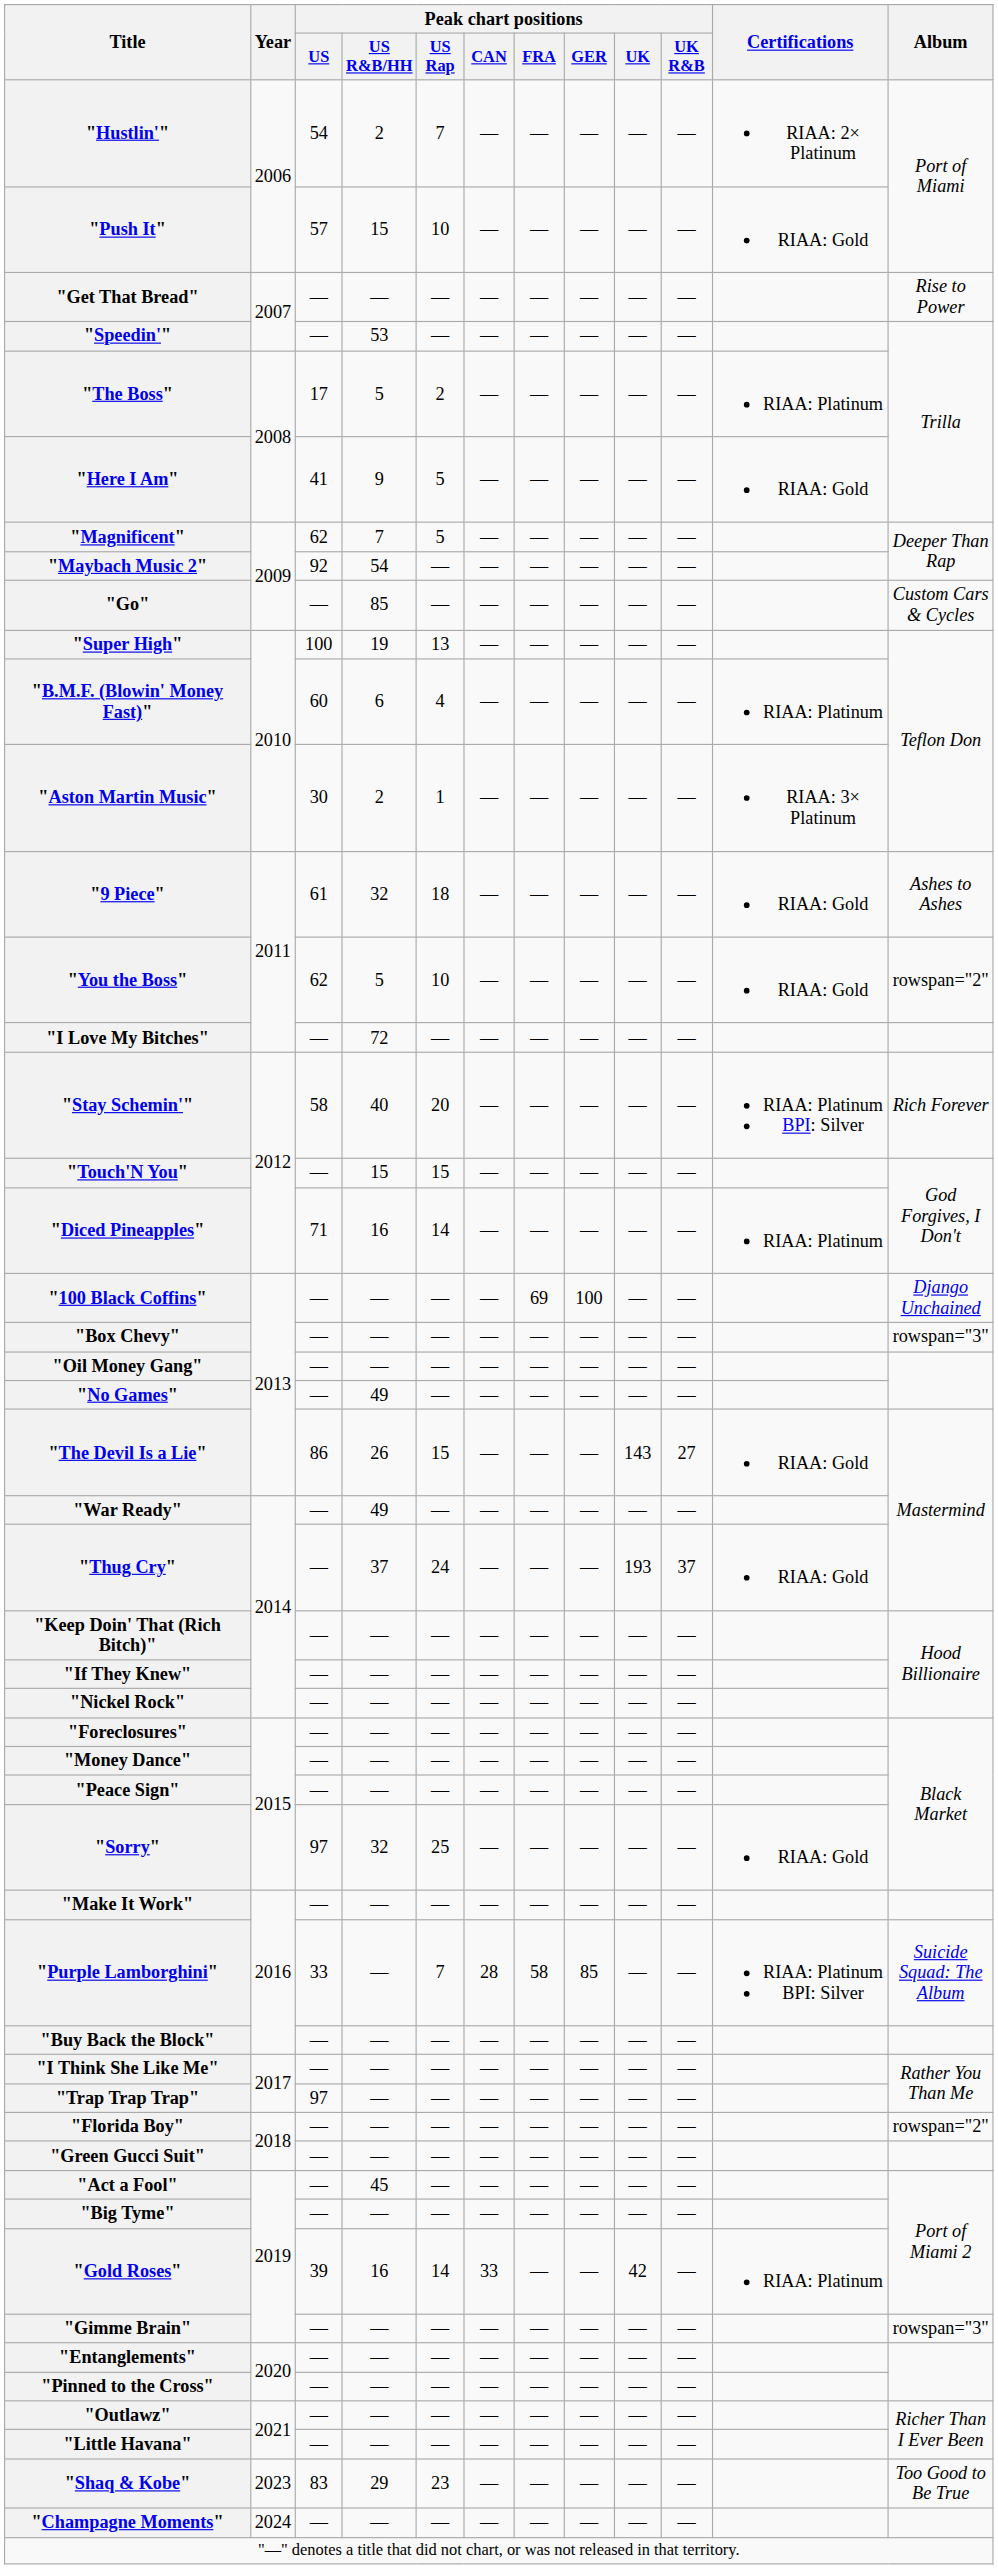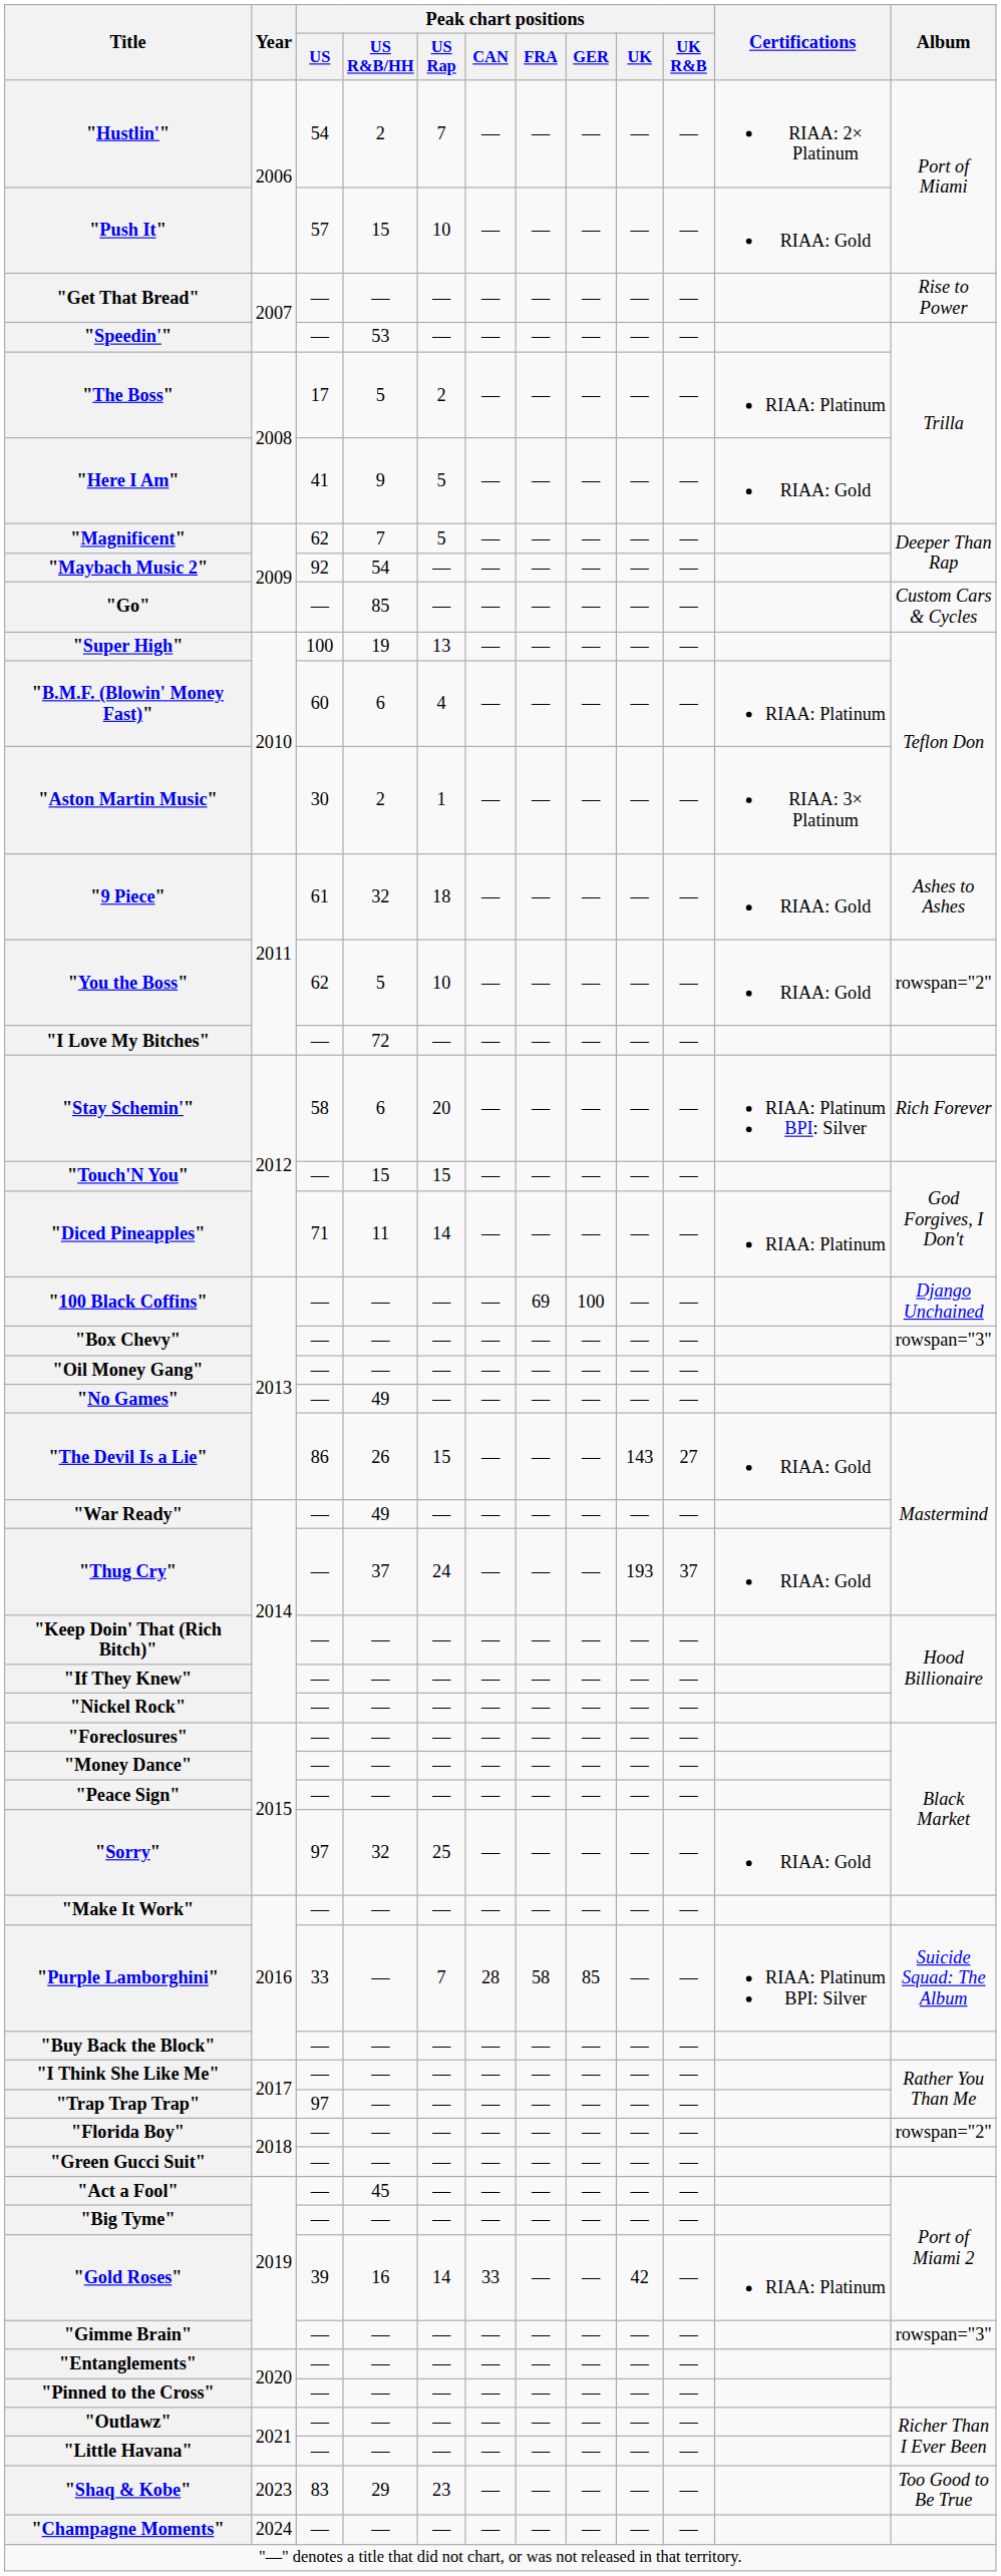 <table class="wikitable plainrowheaders" style="text-align:center;">
 <tr>
 <th scope="col" rowspan="2" style="width:18em;">Title</th>
 <th scope="col" rowspan="2">Year</th>
 <th scope="col" colspan="8">Peak chart positions</th>
 <th scope="col" rowspan="2" style="width:12em;"><a href='#'>Certifications</a></th>
 <th scope="col" rowspan="2">Album</th>
 </tr>
 <tr>
 <th scope="col" style="width:3em;font-size:90%;"><a href='#'>US</a><br></th>
 <th scope="col" style="width:3em;font-size:90%;"><a href='#'>US R&B/HH</a><br></th>
 <th scope="col" style="width:3em;font-size:90%;"><a href='#'>US Rap</a><br></th>
 <th scope="col" style="width:3em;font-size:90%;"><a href='#'>CAN</a><br></th>
 <th scope="col" style="width:3em;font-size:90%;"><a href='#'>FRA</a><br></th>
 <th scope="col" style="width:3em;font-size:90%;"><a href='#'>GER</a><br></th>
 <th scope="col" style="width:3em;font-size:90%;"><a href='#'>UK</a><br></th>
 <th scope="col" style="width:3em;font-size:90%;"><a href='#'>UK<br>R&B</a><br></th>
 </tr>
 <tr>
 <th scope="row">"<a href='#'>Hustlin'</a>"</th>
 <td rowspan="2">2006</td>
 <td>54</td>
 <td>2</td>
 <td>7</td>
 <td>—</td>
 <td>—</td>
 <td>—</td>
 <td>—</td>
 <td>—</td>
 <td><br><ul><li>RIAA: 2× Platinum</li></ul></td>
 <td rowspan="2"><em>Port of Miami</em></td>
 </tr>
 <tr>
 <th scope="row">"<a href='#'>Push It</a>"</th>
 <td>57</td>
 <td>15</td>
 <td>10</td>
 <td>—</td>
 <td>—</td>
 <td>—</td>
 <td>—</td>
 <td>—</td>
 <td><br><ul><li>RIAA: Gold</li></ul></td>
 </tr>
 <tr>
 <th scope="row">"Get That Bread"<br></th>
 <td rowspan="2">2007</td>
 <td>—</td>
 <td>—</td>
 <td>—</td>
 <td>—</td>
 <td>—</td>
 <td>—</td>
 <td>—</td>
 <td>—</td>
 <td></td>
 <td><em>Rise to Power</em></td>
 </tr>
 <tr>
 <th scope="row">"<a href='#'>Speedin'</a>"<br></th>
 <td>—</td>
 <td>53</td>
 <td>—</td>
 <td>—</td>
 <td>—</td>
 <td>—</td>
 <td>—</td>
 <td>—</td>
 <td></td>
 <td rowspan="3"><em>Trilla</em></td>
 </tr>
 <tr>
 <th scope="row">"<a href='#'>The Boss</a>"<br></th>
 <td rowspan="2">2008</td>
 <td>17</td>
 <td>5</td>
 <td>2</td>
 <td>—</td>
 <td>—</td>
 <td>—</td>
 <td>—</td>
 <td>—</td>
 <td><br><ul><li>RIAA: Platinum</li></ul></td>
 </tr>
 <tr>
 <th scope="row">"<a href='#'>Here I Am</a>"<br></th>
 <td>41</td>
 <td>9</td>
 <td>5</td>
 <td>—</td>
 <td>—</td>
 <td>—</td>
 <td>—</td>
 <td>—</td>
 <td><br><ul><li>RIAA: Gold</li></ul></td>
 </tr>
 <tr>
 <th scope="row">"<a href='#'>Magnificent</a>"<br></th>
 <td rowspan="3">2009</td>
 <td>62</td>
 <td>7</td>
 <td>5</td>
 <td>—</td>
 <td>—</td>
 <td>—</td>
 <td>—</td>
 <td>—</td>
 <td></td>
 <td rowspan="2"><em>Deeper Than Rap</em></td>
 </tr>
 <tr>
 <th scope="row">"<a href='#'>Maybach Music 2</a>"<br></th>
 <td>92</td>
 <td>54</td>
 <td>—</td>
 <td>—</td>
 <td>—</td>
 <td>—</td>
 <td>—</td>
 <td>—</td>
 <td></td>
 </tr>
 <tr>
 <th scope="row">"Go"<br></th>
 <td>—</td>
 <td>85</td>
 <td>—</td>
 <td>—</td>
 <td>—</td>
 <td>—</td>
 <td>—</td>
 <td>—</td>
 <td></td>
 <td><em>Custom Cars & Cycles</em></td>
 </tr>
 <tr>
 <th scope="row">"<a href='#'>Super High</a>"<br></th>
 <td rowspan="3">2010</td>
 <td>100</td>
 <td>19</td>
 <td>13</td>
 <td>—</td>
 <td>—</td>
 <td>—</td>
 <td>—</td>
 <td>—</td>
 <td></td>
 <td rowspan="3"><em>Teflon Don</em></td>
 </tr>
 <tr>
 <th scope="row">"<a href='#'>B.M.F. (Blowin' Money Fast)</a>"<br></th>
 <td>60</td>
 <td>6</td>
 <td>4</td>
 <td>—</td>
 <td>—</td>
 <td>—</td>
 <td>—</td>
 <td>—</td>
 <td><br><ul><li>RIAA: Platinum</li></ul></td>
 </tr>
 <tr>
 <th scope="row">"<a href='#'>Aston Martin Music</a>"<br></th>
 <td>30</td>
 <td>2</td>
 <td>1</td>
 <td>—</td>
 <td>—</td>
 <td>—</td>
 <td>—</td>
 <td>—</td>
 <td><br><ul><li>RIAA: 3× Platinum</li></ul></td>
 </tr>
 <tr>
 <th scope="row">"<a href='#'>9 Piece</a>"<br></th>
 <td rowspan="3">2011</td>
 <td>61</td>
 <td>32</td>
 <td>18</td>
 <td>—</td>
 <td>—</td>
 <td>—</td>
 <td>—</td>
 <td>—</td>
 <td><br><ul><li>RIAA: Gold</li></ul></td>
 <td><em>Ashes to Ashes</em></td>
 </tr>
 <tr>
 <th scope="row">"<a href='#'>You the Boss</a>"<br></th>
 <td>62</td>
 <td>5</td>
 <td>10</td>
 <td>—</td>
 <td>—</td>
 <td>—</td>
 <td>—</td>
 <td>—</td>
 <td><br><ul><li>RIAA: Gold</li></ul></td>
 <td>rowspan="2" </td>
 </tr>
 <tr>
 <th scope="row">"I Love My Bitches"</th>
 <td>—</td>
 <td>72</td>
 <td>—</td>
 <td>—</td>
 <td>—</td>
 <td>—</td>
 <td>—</td>
 <td>—</td>
 <td></td>
 </tr>
 <tr>
 <th scope="row">"<a href='#'>Stay Schemin'</a>"<br></th>
 <td rowspan="3">2012</td>
 <td>58</td>
-<td>40</td>
+<td>6</td>
 <td>20</td>
 <td>—</td>
 <td>—</td>
 <td>—</td>
 <td>—</td>
 <td>—</td>
 <td><br><ul><li>RIAA: Platinum</li><li><a href='#'>BPI</a>: Silver</li></ul></td>
 <td><em>Rich Forever</em></td>
 </tr>
 <tr>
 <th scope="row">"<a href='#'>Touch'N You</a>"<br></th>
 <td>—</td>
 <td>15</td>
 <td>15</td>
 <td>—</td>
 <td>—</td>
 <td>—</td>
 <td>—</td>
 <td>—</td>
 <td></td>
 <td rowspan="2"><em>God Forgives, I Don't</em></td>
 </tr>
 <tr>
 <th scope="row">"<a href='#'>Diced Pineapples</a>"<br></th>
 <td>71</td>
-<td>16</td>
+<td>11</td>
 <td>14</td>
 <td>—</td>
 <td>—</td>
 <td>—</td>
 <td>—</td>
 <td>—</td>
 <td><br><ul><li>RIAA: Platinum</li></ul></td>
 </tr>
 <tr>
 <th scope="row">"<a href='#'>100 Black Coffins</a>"</th>
 <td rowspan="5">2013</td>
 <td>—</td>
 <td>—</td>
 <td>—</td>
 <td>—</td>
 <td>69</td>
 <td>100</td>
 <td>—</td>
 <td>—</td>
 <td></td>
 <td><em><a href='#'>Django Unchained</a></em></td>
 </tr>
 <tr>
 <th scope="row">"Box Chevy"</th>
 <td>—</td>
 <td>—</td>
 <td>—</td>
 <td>—</td>
 <td>—</td>
 <td>—</td>
 <td>—</td>
 <td>—</td>
 <td></td>
 <td>rowspan="3" </td>
 </tr>
 <tr>
 <th scope="row">"Oil Money Gang"<br></th>
 <td>—</td>
 <td>—</td>
 <td>—</td>
 <td>—</td>
 <td>—</td>
 <td>—</td>
 <td>—</td>
 <td>—</td>
 <td></td>
 </tr>
 <tr>
 <th scope="row">"<a href='#'>No Games</a>"<br></th>
 <td>—</td>
 <td>49</td>
 <td>—</td>
 <td>—</td>
 <td>—</td>
 <td>—</td>
 <td>—</td>
 <td>—</td>
 <td></td>
 </tr>
 <tr>
 <th scope="row">"<a href='#'>The Devil Is a Lie</a>"<br></th>
 <td>86</td>
 <td>26</td>
 <td>15</td>
 <td>—</td>
 <td>—</td>
 <td>—</td>
 <td>143</td>
 <td>27</td>
 <td><br><ul><li>RIAA: Gold</li></ul></td>
 <td rowspan="3"><em>Mastermind</em></td>
 </tr>
 <tr>
 <th scope="row">"War Ready"<br></th>
 <td rowspan="5">2014</td>
 <td>—</td>
 <td>49</td>
 <td>—</td>
 <td>—</td>
 <td>—</td>
 <td>—</td>
 <td>—</td>
 <td>—</td>
 <td></td>
 </tr>
 <tr>
 <th scope="row">"<a href='#'>Thug Cry</a>"<br></th>
 <td>—</td>
 <td>37</td>
 <td>24</td>
 <td>—</td>
 <td>—</td>
 <td>—</td>
 <td>193</td>
 <td>37</td>
 <td><br><ul><li>RIAA: Gold</li></ul></td>
 </tr>
 <tr>
 <th scope="row">"Keep Doin' That (Rich Bitch)"<br></th>
 <td>—</td>
 <td>—</td>
 <td>—</td>
 <td>—</td>
 <td>—</td>
 <td>—</td>
 <td>—</td>
 <td>—</td>
 <td></td>
 <td rowspan="3"><em>Hood Billionaire</em></td>
 </tr>
 <tr>
 <th scope="row">"If They Knew"<br></th>
 <td>—</td>
 <td>—</td>
 <td>—</td>
 <td>—</td>
 <td>—</td>
 <td>—</td>
 <td>—</td>
 <td>—</td>
 <td></td>
 </tr>
 <tr>
 <th scope="row">"Nickel Rock"<br></th>
 <td>—</td>
 <td>—</td>
 <td>—</td>
 <td>—</td>
 <td>—</td>
 <td>—</td>
 <td>—</td>
 <td>—</td>
 <td></td>
 </tr>
 <tr>
 <th scope="row">"Foreclosures"</th>
 <td rowspan="4">2015</td>
 <td>—</td>
 <td>—</td>
 <td>—</td>
 <td>—</td>
 <td>—</td>
 <td>—</td>
 <td>—</td>
 <td>—</td>
 <td></td>
 <td rowspan="4"><em>Black Market</em></td>
 </tr>
 <tr>
 <th scope="row">"Money Dance"<br></th>
 <td>—</td>
 <td>—</td>
 <td>—</td>
 <td>—</td>
 <td>—</td>
 <td>—</td>
 <td>—</td>
 <td>—</td>
 <td></td>
 </tr>
 <tr>
 <th scope="row">"Peace Sign"</th>
 <td>—</td>
 <td>—</td>
 <td>—</td>
 <td>—</td>
 <td>—</td>
 <td>—</td>
 <td>—</td>
 <td>—</td>
 <td></td>
 </tr>
 <tr>
 <th scope="row">"<a href='#'>Sorry</a>"<br></th>
 <td>97</td>
 <td>32</td>
 <td>25</td>
 <td>—</td>
 <td>—</td>
 <td>—</td>
 <td>—</td>
 <td>—</td>
 <td><br><ul><li>RIAA: Gold</li></ul></td>
 </tr>
 <tr>
 <th scope="row">"Make It Work"<br></th>
 <td rowspan="3">2016</td>
 <td>—</td>
 <td>—</td>
 <td>—</td>
 <td>—</td>
 <td>—</td>
 <td>—</td>
 <td>—</td>
 <td>—</td>
 <td></td>
 <td></td>
 </tr>
 <tr>
 <th scope="row">"<a href='#'>Purple Lamborghini</a>"<br></th>
 <td>33</td>
 <td>—</td>
 <td>7</td>
 <td>28</td>
 <td>58</td>
 <td>85</td>
 <td>—</td>
 <td>—</td>
 <td><br><ul><li>RIAA: Platinum</li><li>BPI: Silver</li></ul></td>
 <td><em><a href='#'>Suicide Squad: The Album</a></em></td>
 </tr>
 <tr>
 <th scope="row">"Buy Back the Block"<br></th>
 <td>—</td>
 <td>—</td>
 <td>—</td>
 <td>—</td>
 <td>—</td>
 <td>—</td>
 <td>—</td>
 <td>—</td>
 <td></td>
 <td></td>
 </tr>
 <tr>
 <th scope="row">"I Think She Like Me"<br></th>
 <td rowspan="2">2017</td>
 <td>—</td>
 <td>—</td>
 <td>—</td>
 <td>—</td>
 <td>—</td>
 <td>—</td>
 <td>—</td>
 <td>—</td>
 <td></td>
 <td rowspan="2"><em>Rather You Than Me</em></td>
 </tr>
 <tr>
 <th scope="row">"Trap Trap Trap"<br></th>
 <td>97</td>
 <td>—</td>
 <td>—</td>
 <td>—</td>
 <td>—</td>
 <td>—</td>
 <td>—</td>
 <td>—</td>
 <td></td>
 </tr>
 <tr>
 <th scope="row">"Florida Boy"<br></th>
 <td rowspan="2">2018</td>
 <td>—</td>
 <td>—</td>
 <td>—</td>
 <td>—</td>
 <td>—</td>
 <td>—</td>
 <td>—</td>
 <td>—</td>
 <td></td>
 <td>rowspan="2" </td>
 </tr>
 <tr>
 <th scope="row">"Green Gucci Suit"<br></th>
 <td>—</td>
 <td>—</td>
 <td>—</td>
 <td>—</td>
 <td>—</td>
 <td>—</td>
 <td>—</td>
 <td>—</td>
 <td></td>
 </tr>
 <tr>
 <th scope="row">"Act a Fool"<br></th>
 <td rowspan="4">2019</td>
 <td>—</td>
 <td>45</td>
 <td>—</td>
 <td>—</td>
 <td>—</td>
 <td>—</td>
 <td>—</td>
 <td>—</td>
 <td></td>
 <td rowspan="3"><em>Port of Miami 2</em></td>
 </tr>
 <tr>
 <th scope="row">"Big Tyme"<br></th>
 <td>—</td>
 <td>—</td>
 <td>—</td>
 <td>—</td>
 <td>—</td>
 <td>—</td>
 <td>—</td>
 <td>—</td>
 <td></td>
 </tr>
 <tr>
 <th scope="row">"<a href='#'>Gold Roses</a>" <br></th>
 <td>39</td>
 <td>16</td>
 <td>14</td>
 <td>33</td>
 <td>—</td>
 <td>—</td>
 <td>42</td>
 <td>—</td>
 <td><br><ul><li>RIAA: Platinum</li></ul></td>
 </tr>
 <tr>
 <th scope="row">"Gimme Brain"<br></th>
 <td>—</td>
 <td>—</td>
 <td>—</td>
 <td>—</td>
 <td>—</td>
 <td>—</td>
 <td>—</td>
 <td>—</td>
 <td></td>
 <td>rowspan="3" </td>
 </tr>
 <tr>
 <th scope="row">"Entanglements"<br></th>
 <td rowspan="2">2020</td>
 <td>—</td>
 <td>—</td>
 <td>—</td>
 <td>—</td>
 <td>—</td>
 <td>—</td>
 <td>—</td>
 <td>—</td>
 <td></td>
 </tr>
 <tr>
 <th scope="row">"Pinned to the Cross"<br></th>
 <td>—</td>
 <td>—</td>
 <td>—</td>
 <td>—</td>
 <td>—</td>
 <td>—</td>
 <td>—</td>
 <td>—</td>
 <td></td>
 </tr>
 <tr>
 <th scope="row">"Outlawz"<br></th>
 <td rowspan="2">2021</td>
 <td>—</td>
 <td>—</td>
 <td>—</td>
 <td>—</td>
 <td>—</td>
 <td>—</td>
 <td>—</td>
 <td>—</td>
 <td></td>
 <td rowspan="2"><em>Richer Than I Ever Been</em></td>
 </tr>
 <tr>
 <th scope="row">"Little Havana"<br></th>
 <td>—</td>
 <td>—</td>
 <td>—</td>
 <td>—</td>
 <td>—</td>
 <td>—</td>
 <td>—</td>
 <td>—</td>
 <td></td>
 </tr>
 <tr>
 <th scope="row">"<a href='#'>Shaq & Kobe</a>"<br></th>
 <td>2023</td>
 <td>83</td>
 <td>29</td>
 <td>23</td>
 <td>—</td>
 <td>—</td>
 <td>—</td>
 <td>—</td>
 <td>—</td>
 <td></td>
 <td><em>Too Good to Be True</em></td>
 </tr>
 <tr>
 <th scope="row">"<a href='#'>Champagne Moments</a>"</th>
 <td>2024</td>
 <td>—</td>
 <td>—</td>
 <td>—</td>
 <td>—</td>
 <td>—</td>
 <td>—</td>
 <td>—</td>
 <td>—</td>
 <td></td>
 <td></td>
 </tr>
 <tr>
 <td colspan="14" style="font-size:90%">"—" denotes a title that did not chart, or was not released in that territory.</td>
 </tr>
 </table>
